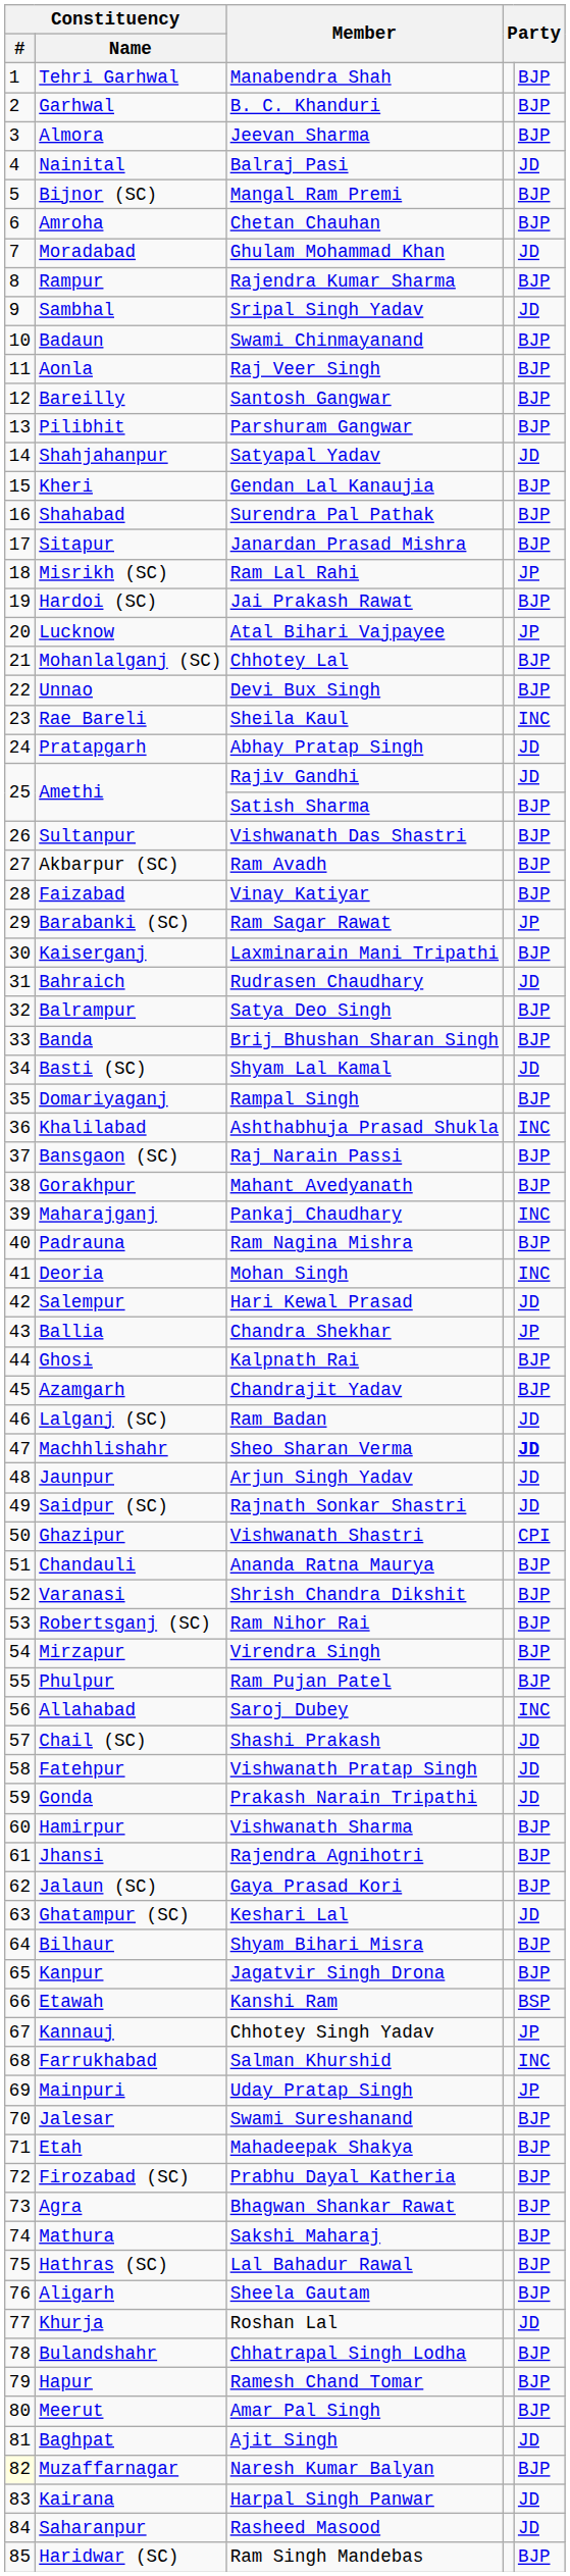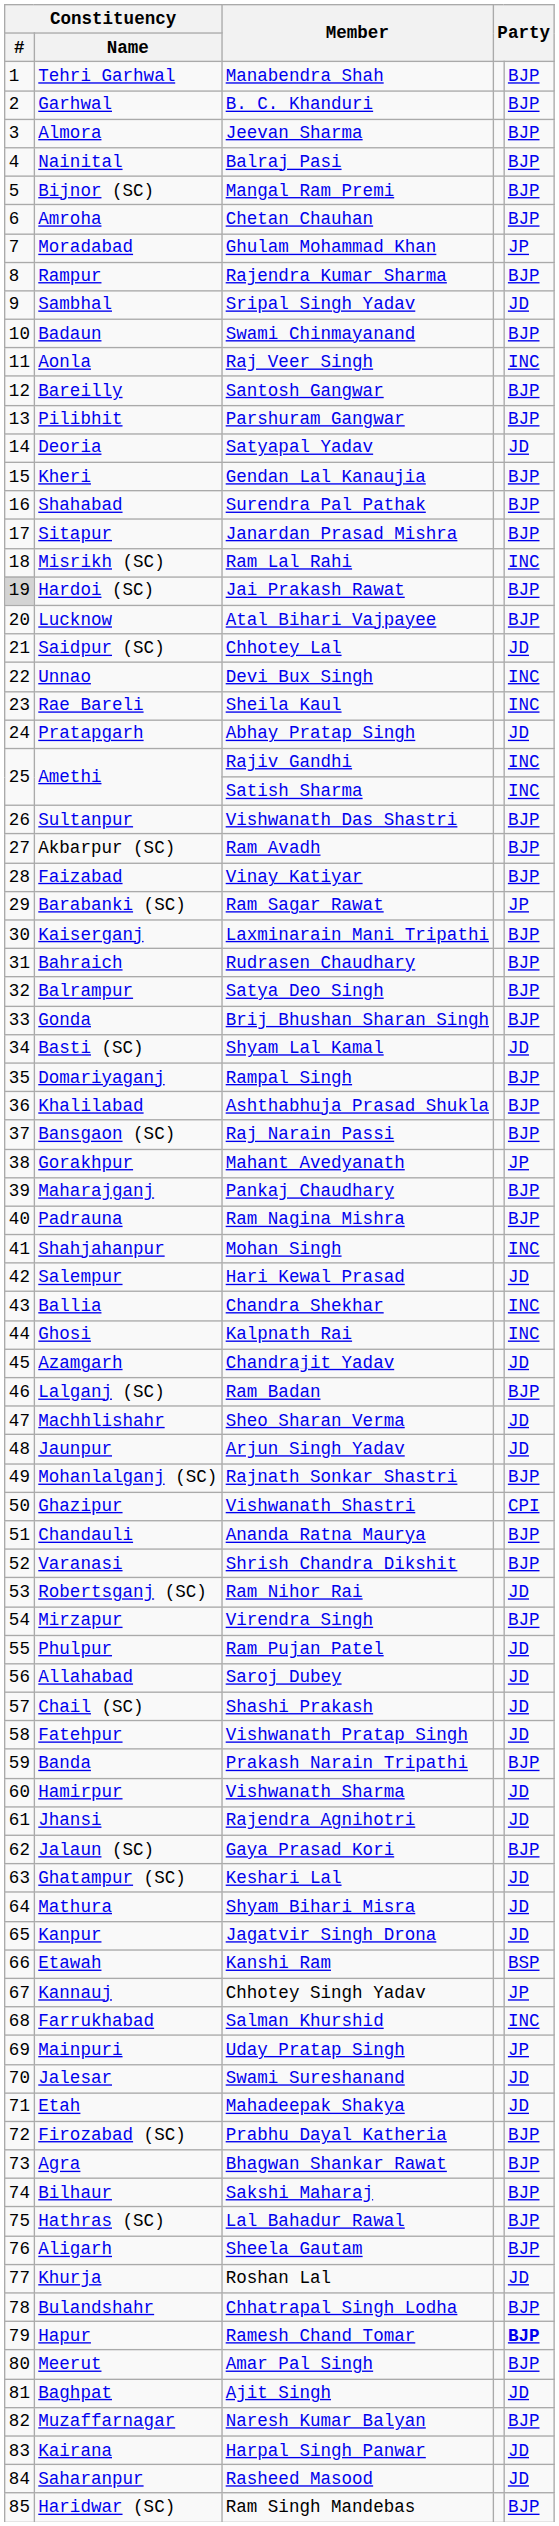 <table class="wikitable sortable">
 <tr>
 <th colspan="2">Constituency</th>
 <th rowspan="2">Member</th>
 <th colspan="2" rowspan="2">Party</th>
 </tr>
 <tr>
 <th>#</th>
 <th>Name</th>
 </tr>
 <tr>
 <td>1</td>
 <td><a href='#'>Tehri Garhwal</a></td>
 <td><a href='#'>Manabendra Shah</a></td>
 <td style="background-color: "></td>
 <td><a href='#'>BJP</a></td>
 </tr>
 <tr>
 <td>2</td>
 <td><a href='#'>Garhwal</a></td>
 <td><a href='#'>B. C. Khanduri</a></td>
 <td style="background-color: "></td>
 <td><a href='#'>BJP</a></td>
 </tr>
 <tr>
 <td>3</td>
 <td><a href='#'>Almora</a></td>
 <td><a href='#'>Jeevan Sharma</a></td>
 <td style="background-color: "></td>
 <td><a href='#'>BJP</a></td>
 </tr>
 <tr>
 <td>4</td>
 <td><a href='#'>Nainital</a></td>
 <td><a href='#'>Balraj Pasi</a></td>
 <td style="background-color: "></td>
-<td><a href='#'>JD</a></td>
+<td><a href='#'>BJP</a></td>
 </tr>
 <tr>
 <td>5</td>
 <td><a href='#'>Bijnor</a> (SC)</td>
 <td><a href='#'>Mangal Ram Premi</a></td>
 <td style="background-color: "></td>
 <td><a href='#'>BJP</a></td>
 </tr>
 <tr>
 <td>6</td>
 <td><a href='#'>Amroha</a></td>
 <td><a href='#'>Chetan Chauhan</a></td>
 <td style="background-color: "></td>
 <td><a href='#'>BJP</a></td>
 </tr>
 <tr>
 <td>7</td>
 <td><a href='#'>Moradabad</a></td>
 <td><a href='#'>Ghulam Mohammad Khan</a></td>
 <td style="background-color: "></td>
-<td><a href='#'>JD</a></td>
+<td><a href='#'>JP</a></td>
 </tr>
 <tr>
 <td>8</td>
 <td><a href='#'>Rampur</a></td>
 <td><a href='#'>Rajendra Kumar Sharma</a></td>
 <td style="background-color: "></td>
 <td><a href='#'>BJP</a></td>
 </tr>
 <tr>
 <td>9</td>
 <td><a href='#'>Sambhal</a></td>
 <td><a href='#'>Sripal Singh Yadav</a></td>
 <td style="background-color: "></td>
 <td><a href='#'>JD</a></td>
 </tr>
 <tr>
 <td>10</td>
 <td><a href='#'>Badaun</a></td>
 <td><a href='#'>Swami Chinmayanand</a></td>
 <td style="background-color: "></td>
 <td><a href='#'>BJP</a></td>
 </tr>
 <tr>
 <td>11</td>
 <td><a href='#'>Aonla</a></td>
 <td><a href='#'>Raj Veer Singh</a></td>
 <td style="background-color: "></td>
-<td><a href='#'>BJP</a></td>
+<td><a href='#'>INC</a></td>
 </tr>
 <tr>
 <td>12</td>
 <td><a href='#'>Bareilly</a></td>
 <td><a href='#'>Santosh Gangwar</a></td>
 <td style="background-color: "></td>
 <td><a href='#'>BJP</a></td>
 </tr>
 <tr>
 <td>13</td>
 <td><a href='#'>Pilibhit</a></td>
 <td><a href='#'>Parshuram Gangwar</a></td>
 <td style="background-color: "></td>
 <td><a href='#'>BJP</a></td>
 </tr>
 <tr>
 <td>14</td>
-<td><a href='#'>Shahjahanpur</a></td>
+<td><a href='#'>Deoria</a></td>
 <td><a href='#'>Satyapal Yadav</a></td>
 <td style="background-color: "></td>
 <td><a href='#'>JD</a></td>
 </tr>
 <tr>
 <td>15</td>
 <td><a href='#'>Kheri</a></td>
 <td><a href='#'>Gendan Lal Kanaujia</a></td>
 <td style="background-color: "></td>
 <td><a href='#'>BJP</a></td>
 </tr>
 <tr>
 <td>16</td>
 <td><a href='#'>Shahabad</a></td>
 <td><a href='#'>Surendra Pal Pathak</a></td>
 <td style="background-color: "></td>
 <td><a href='#'>BJP</a></td>
 </tr>
 <tr>
 <td>17</td>
 <td><a href='#'>Sitapur</a></td>
 <td><a href='#'>Janardan Prasad Mishra</a></td>
 <td style="background-color: "></td>
 <td><a href='#'>BJP</a></td>
 </tr>
 <tr>
 <td>18</td>
 <td><a href='#'>Misrikh</a> (SC)</td>
 <td><a href='#'>Ram Lal Rahi</a></td>
 <td style="background-color: "></td>
-<td><a href='#'>JP</a></td>
+<td><a href='#'>INC</a></td>
 </tr>
 <tr>
-<td>19</td>
+<td style="background: lightgrey;">19</td>
 <td><a href='#'>Hardoi</a> (SC)</td>
 <td><a href='#'>Jai Prakash Rawat</a></td>
 <td style="background-color: "></td>
 <td><a href='#'>BJP</a></td>
 </tr>
 <tr>
 <td>20</td>
 <td><a href='#'>Lucknow</a></td>
 <td><a href='#'>Atal Bihari Vajpayee</a></td>
 <td style="background-color: "></td>
-<td><a href='#'>JP</a></td>
+<td><a href='#'>BJP</a></td>
 </tr>
 <tr>
 <td>21</td>
-<td><a href='#'>Mohanlalganj</a> (SC)</td>
+<td><a href='#'>Saidpur</a> (SC)</td>
 <td><a href='#'>Chhotey Lal</a></td>
 <td style="background-color: "></td>
-<td><a href='#'>BJP</a></td>
+<td><a href='#'>JD</a></td>
 </tr>
 <tr>
 <td>22</td>
 <td><a href='#'>Unnao</a></td>
 <td><a href='#'>Devi Bux Singh</a></td>
 <td style="background-color: "></td>
-<td><a href='#'>BJP</a></td>
+<td><a href='#'>INC</a></td>
 </tr>
 <tr>
 <td>23</td>
 <td><a href='#'>Rae Bareli</a></td>
 <td><a href='#'>Sheila Kaul</a></td>
 <td style="background-color: "></td>
 <td><a href='#'>INC</a></td>
 </tr>
 <tr>
 <td>24</td>
 <td><a href='#'>Pratapgarh</a></td>
 <td><a href='#'>Abhay Pratap Singh</a></td>
 <td style="background-color: "></td>
 <td><a href='#'>JD</a></td>
 </tr>
 <tr>
 <td rowspan="2">25</td>
 <td rowspan="2"><a href='#'>Amethi</a></td>
 <td><a href='#'>Rajiv Gandhi</a></td>
 <td style="background-color: "></td>
-<td><a href='#'>JD</a></td>
+<td><a href='#'>INC</a></td>
 </tr>
 <tr>
 <td><a href='#'>Satish Sharma</a></td>
 <td style="background-color: "></td>
-<td><a href='#'>BJP</a></td>
+<td><a href='#'>INC</a></td>
 </tr>
 <tr>
 <td>26</td>
 <td><a href='#'>Sultanpur</a></td>
 <td><a href='#'>Vishwanath Das Shastri</a></td>
 <td style="background-color: "></td>
 <td><a href='#'>BJP</a></td>
 </tr>
 <tr>
 <td>27</td>
 <td>Akbarpur (SC)</td>
 <td><a href='#'>Ram Avadh</a></td>
 <td style="background-color: "></td>
 <td><a href='#'>BJP</a></td>
 </tr>
 <tr>
 <td>28</td>
 <td><a href='#'>Faizabad</a></td>
 <td><a href='#'>Vinay Katiyar</a></td>
 <td style="background-color: "></td>
 <td><a href='#'>BJP</a></td>
 </tr>
 <tr>
 <td>29</td>
 <td><a href='#'>Barabanki</a> (SC)</td>
 <td><a href='#'>Ram Sagar Rawat</a></td>
 <td style="background-color: "></td>
 <td><a href='#'>JP</a></td>
 </tr>
 <tr>
 <td>30</td>
 <td><a href='#'>Kaiserganj</a></td>
 <td><a href='#'>Laxminarain Mani Tripathi</a></td>
 <td style="background-color: "></td>
 <td><a href='#'>BJP</a></td>
 </tr>
 <tr>
 <td>31</td>
 <td><a href='#'>Bahraich</a></td>
 <td><a href='#'>Rudrasen Chaudhary</a></td>
 <td style="background-color: "></td>
-<td><a href='#'>JD</a></td>
+<td><a href='#'>BJP</a></td>
 </tr>
 <tr>
 <td>32</td>
 <td><a href='#'>Balrampur</a></td>
 <td><a href='#'>Satya Deo Singh</a></td>
 <td style="background-color: "></td>
 <td><a href='#'>BJP</a></td>
 </tr>
 <tr>
 <td>33</td>
-<td><a href='#'>Banda</a></td>
+<td><a href='#'>Gonda</a></td>
 <td><a href='#'>Brij Bhushan Sharan Singh</a></td>
 <td style="background-color: "></td>
 <td><a href='#'>BJP</a></td>
 </tr>
 <tr>
 <td>34</td>
 <td><a href='#'>Basti</a> (SC)</td>
 <td><a href='#'>Shyam Lal Kamal</a></td>
 <td style="background-color: "></td>
 <td><a href='#'>JD</a></td>
 </tr>
 <tr>
 <td>35</td>
 <td><a href='#'>Domariyaganj</a></td>
 <td><a href='#'>Rampal Singh</a></td>
 <td style="background-color: "></td>
 <td><a href='#'>BJP</a></td>
 </tr>
 <tr>
 <td>36</td>
 <td><a href='#'>Khalilabad</a></td>
 <td><a href='#'>Ashthabhuja Prasad Shukla</a></td>
 <td style="background-color: "></td>
-<td><a href='#'>INC</a></td>
+<td><a href='#'>BJP</a></td>
 </tr>
 <tr>
 <td>37</td>
 <td><a href='#'>Bansgaon</a> (SC)</td>
 <td><a href='#'>Raj Narain Passi</a></td>
 <td style="background-color: "></td>
 <td><a href='#'>BJP</a></td>
 </tr>
 <tr>
 <td>38</td>
 <td><a href='#'>Gorakhpur</a></td>
 <td><a href='#'>Mahant Avedyanath</a></td>
 <td style="background-color: "></td>
-<td><a href='#'>BJP</a></td>
+<td><a href='#'>JP</a></td>
 </tr>
 <tr>
 <td>39</td>
 <td><a href='#'>Maharajganj</a></td>
 <td><a href='#'>Pankaj Chaudhary</a></td>
 <td style="background-color: "></td>
-<td><a href='#'>INC</a></td>
+<td><a href='#'>BJP</a></td>
 </tr>
 <tr>
 <td>40</td>
 <td><a href='#'>Padrauna</a></td>
 <td><a href='#'>Ram Nagina Mishra</a></td>
 <td style="background-color: "></td>
 <td><a href='#'>BJP</a></td>
 </tr>
 <tr>
 <td>41</td>
-<td><a href='#'>Deoria</a></td>
+<td><a href='#'>Shahjahanpur</a></td>
 <td><a href='#'>Mohan Singh</a></td>
 <td style="background-color: "></td>
 <td><a href='#'>INC</a></td>
 </tr>
 <tr>
 <td>42</td>
 <td><a href='#'>Salempur</a></td>
 <td><a href='#'>Hari Kewal Prasad</a></td>
 <td style="background-color: "></td>
 <td><a href='#'>JD</a></td>
 </tr>
 <tr>
 <td>43</td>
 <td><a href='#'>Ballia</a></td>
 <td><a href='#'>Chandra Shekhar</a></td>
 <td style="background-color: "></td>
-<td><a href='#'>JP</a></td>
+<td><a href='#'>INC</a></td>
 </tr>
 <tr>
 <td>44</td>
 <td><a href='#'>Ghosi</a></td>
 <td><a href='#'>Kalpnath Rai</a></td>
 <td style="background-color: "></td>
-<td><a href='#'>BJP</a></td>
+<td><a href='#'>INC</a></td>
 </tr>
 <tr>
 <td>45</td>
 <td><a href='#'>Azamgarh</a></td>
 <td><a href='#'>Chandrajit Yadav</a></td>
 <td style="background-color: "></td>
-<td><a href='#'>BJP</a></td>
+<td><a href='#'>JD</a></td>
 </tr>
 <tr>
 <td>46</td>
 <td><a href='#'>Lalganj</a> (SC)</td>
 <td><a href='#'>Ram Badan</a></td>
 <td style="background-color: "></td>
-<td><a href='#'>JD</a></td>
+<td><a href='#'>BJP</a></td>
 </tr>
 <tr>
 <td>47</td>
 <td><a href='#'>Machhlishahr</a></td>
 <td><a href='#'>Sheo Sharan Verma</a></td>
 <td style="background-color: "></td>
-<td><strong><a href='#'>JD</a></strong></td>
+<td><a href='#'>JD</a></td>
 </tr>
 <tr>
 <td>48</td>
 <td><a href='#'>Jaunpur</a></td>
 <td><a href='#'>Arjun Singh Yadav</a></td>
 <td style="background-color: "></td>
 <td><a href='#'>JD</a></td>
 </tr>
 <tr>
 <td>49</td>
-<td><a href='#'>Saidpur</a> (SC)</td>
+<td><a href='#'>Mohanlalganj</a> (SC)</td>
 <td><a href='#'>Rajnath Sonkar Shastri</a></td>
 <td style="background-color: "></td>
-<td><a href='#'>JD</a></td>
+<td><a href='#'>BJP</a></td>
 </tr>
 <tr>
 <td>50</td>
 <td><a href='#'>Ghazipur</a></td>
 <td><a href='#'>Vishwanath Shastri</a></td>
 <td style="background-color: "></td>
 <td><a href='#'>CPI</a></td>
 </tr>
 <tr>
 <td>51</td>
 <td><a href='#'>Chandauli</a></td>
 <td><a href='#'>Ananda Ratna Maurya</a></td>
 <td style="background-color: "></td>
 <td><a href='#'>BJP</a></td>
 </tr>
 <tr>
 <td>52</td>
 <td><a href='#'>Varanasi</a></td>
 <td><a href='#'>Shrish Chandra Dikshit</a></td>
 <td style="background-color: "></td>
 <td><a href='#'>BJP</a></td>
 </tr>
 <tr>
 <td>53</td>
 <td><a href='#'>Robertsganj</a> (SC)</td>
 <td><a href='#'>Ram Nihor Rai</a></td>
 <td style="background-color: "></td>
-<td><a href='#'>BJP</a></td>
+<td><a href='#'>JD</a></td>
 </tr>
 <tr>
 <td>54</td>
 <td><a href='#'>Mirzapur</a></td>
 <td><a href='#'>Virendra Singh</a></td>
 <td style="background-color: "></td>
 <td><a href='#'>BJP</a></td>
 </tr>
 <tr>
 <td>55</td>
 <td><a href='#'>Phulpur</a></td>
 <td><a href='#'>Ram Pujan Patel</a></td>
 <td style="background-color: "></td>
-<td><a href='#'>BJP</a></td>
+<td><a href='#'>JD</a></td>
 </tr>
 <tr>
 <td>56</td>
 <td><a href='#'>Allahabad</a></td>
 <td><a href='#'>Saroj Dubey</a></td>
 <td style="background-color: "></td>
-<td><a href='#'>INC</a></td>
+<td><a href='#'>JD</a></td>
 </tr>
 <tr>
 <td>57</td>
 <td><a href='#'>Chail</a> (SC)</td>
 <td><a href='#'>Shashi Prakash</a></td>
 <td style="background-color: "></td>
 <td><a href='#'>JD</a></td>
 </tr>
 <tr>
 <td>58</td>
 <td><a href='#'>Fatehpur</a></td>
 <td><a href='#'>Vishwanath Pratap Singh</a></td>
 <td style="background-color: "></td>
 <td><a href='#'>JD</a></td>
 </tr>
 <tr>
 <td>59</td>
-<td><a href='#'>Gonda</a></td>
+<td><a href='#'>Banda</a></td>
 <td><a href='#'>Prakash Narain Tripathi</a></td>
 <td style="background-color: "></td>
-<td><a href='#'>JD</a></td>
+<td><a href='#'>BJP</a></td>
 </tr>
 <tr>
 <td>60</td>
 <td><a href='#'>Hamirpur</a></td>
 <td><a href='#'>Vishwanath Sharma</a></td>
 <td style="background-color: "></td>
-<td><a href='#'>BJP</a></td>
+<td><a href='#'>JD</a></td>
 </tr>
 <tr>
 <td>61</td>
 <td><a href='#'>Jhansi</a></td>
 <td><a href='#'>Rajendra Agnihotri</a></td>
 <td style="background-color: "></td>
-<td><a href='#'>BJP</a></td>
+<td><a href='#'>JD</a></td>
 </tr>
 <tr>
 <td>62</td>
 <td><a href='#'>Jalaun</a> (SC)</td>
 <td><a href='#'>Gaya Prasad Kori</a></td>
 <td style="background-color: "></td>
 <td><a href='#'>BJP</a></td>
 </tr>
 <tr>
 <td>63</td>
 <td><a href='#'>Ghatampur</a> (SC)</td>
 <td><a href='#'>Keshari Lal</a></td>
 <td style="background-color: "></td>
 <td><a href='#'>JD</a></td>
 </tr>
 <tr>
 <td>64</td>
-<td><a href='#'>Bilhaur</a></td>
+<td><a href='#'>Mathura</a></td>
 <td><a href='#'>Shyam Bihari Misra</a></td>
 <td style="background-color: "></td>
-<td><a href='#'>BJP</a></td>
+<td><a href='#'>JD</a></td>
 </tr>
 <tr>
 <td>65</td>
 <td><a href='#'>Kanpur</a></td>
 <td><a href='#'>Jagatvir Singh Drona</a></td>
 <td style="background-color: "></td>
-<td><a href='#'>BJP</a></td>
+<td><a href='#'>JD</a></td>
 </tr>
 <tr>
 <td>66</td>
 <td><a href='#'>Etawah</a></td>
 <td><a href='#'>Kanshi Ram</a></td>
 <td style="background-color: "></td>
 <td><a href='#'>BSP</a></td>
 </tr>
 <tr>
 <td>67</td>
 <td><a href='#'>Kannauj</a></td>
 <td>Chhotey Singh Yadav</td>
 <td style="background-color: "></td>
 <td><a href='#'>JP</a></td>
 </tr>
 <tr>
 <td>68</td>
 <td><a href='#'>Farrukhabad</a></td>
 <td><a href='#'>Salman Khurshid</a></td>
 <td style="background-color: "></td>
 <td><a href='#'>INC</a></td>
 </tr>
 <tr>
 <td>69</td>
 <td><a href='#'>Mainpuri</a></td>
 <td><a href='#'>Uday Pratap Singh</a></td>
 <td style="background-color: "></td>
 <td><a href='#'>JP</a></td>
 </tr>
 <tr>
 <td>70</td>
 <td><a href='#'>Jalesar</a></td>
 <td><a href='#'>Swami Sureshanand</a></td>
 <td style="background-color: "></td>
-<td><a href='#'>BJP</a></td>
+<td><a href='#'>JD</a></td>
 </tr>
 <tr>
 <td>71</td>
 <td><a href='#'>Etah</a></td>
 <td><a href='#'>Mahadeepak Shakya</a></td>
 <td style="background-color: "></td>
-<td><a href='#'>BJP</a></td>
+<td><a href='#'>JD</a></td>
 </tr>
 <tr>
 <td>72</td>
 <td><a href='#'>Firozabad</a> (SC)</td>
 <td><a href='#'>Prabhu Dayal Katheria</a></td>
 <td style="background-color: "></td>
 <td><a href='#'>BJP</a></td>
 </tr>
 <tr>
 <td>73</td>
 <td><a href='#'>Agra</a></td>
 <td><a href='#'>Bhagwan Shankar Rawat</a></td>
 <td style="background-color: "></td>
 <td><a href='#'>BJP</a></td>
 </tr>
 <tr>
 <td>74</td>
-<td><a href='#'>Mathura</a></td>
+<td><a href='#'>Bilhaur</a></td>
 <td><a href='#'>Sakshi Maharaj</a></td>
 <td style="background-color: "></td>
 <td><a href='#'>BJP</a></td>
 </tr>
 <tr>
 <td>75</td>
 <td><a href='#'>Hathras</a> (SC)</td>
 <td><a href='#'>Lal Bahadur Rawal</a></td>
 <td style="background-color: "></td>
 <td><a href='#'>BJP</a></td>
 </tr>
 <tr>
 <td>76</td>
 <td><a href='#'>Aligarh</a></td>
 <td><a href='#'>Sheela Gautam</a></td>
 <td style="background-color: "></td>
 <td><a href='#'>BJP</a></td>
 </tr>
 <tr>
 <td>77</td>
 <td><a href='#'>Khurja</a></td>
 <td>Roshan Lal</td>
 <td style="background-color: "></td>
 <td><a href='#'>JD</a></td>
 </tr>
 <tr>
 <td>78</td>
 <td><a href='#'>Bulandshahr</a></td>
 <td><a href='#'>Chhatrapal Singh Lodha</a></td>
 <td style="background-color: "></td>
 <td><a href='#'>BJP</a></td>
 </tr>
 <tr>
 <td>79</td>
 <td><a href='#'>Hapur</a></td>
 <td><a href='#'>Ramesh Chand Tomar</a></td>
 <td style="background-color: "></td>
-<td><a href='#'>BJP</a></td>
+<td><strong><a href='#'>BJP</a></strong></td>
 </tr>
 <tr>
 <td>80</td>
 <td><a href='#'>Meerut</a></td>
 <td><a href='#'>Amar Pal Singh</a></td>
 <td style="background-color: "></td>
 <td><a href='#'>BJP</a></td>
 </tr>
 <tr>
 <td>81</td>
 <td><a href='#'>Baghpat</a></td>
 <td><a href='#'>Ajit Singh</a></td>
 <td style="background-color: "></td>
 <td><a href='#'>JD</a></td>
 </tr>
 <tr>
-<td style="background: lightyellow;">82</td>
+<td>82</td>
 <td><a href='#'>Muzaffarnagar</a></td>
 <td><a href='#'>Naresh Kumar Balyan</a></td>
 <td style="background-color: "></td>
 <td><a href='#'>BJP</a></td>
 </tr>
 <tr>
 <td>83</td>
 <td><a href='#'>Kairana</a></td>
 <td><a href='#'>Harpal Singh Panwar</a></td>
 <td style="background-color: "></td>
 <td><a href='#'>JD</a></td>
 </tr>
 <tr>
 <td>84</td>
 <td><a href='#'>Saharanpur</a></td>
 <td><a href='#'>Rasheed Masood</a></td>
 <td style="background-color: "></td>
 <td><a href='#'>JD</a></td>
 </tr>
 <tr>
 <td>85</td>
 <td><a href='#'>Haridwar</a> (SC)</td>
 <td>Ram Singh Mandebas</td>
 <td style="background-color: "></td>
 <td><a href='#'>BJP</a></td>
 </tr>
 </table>
